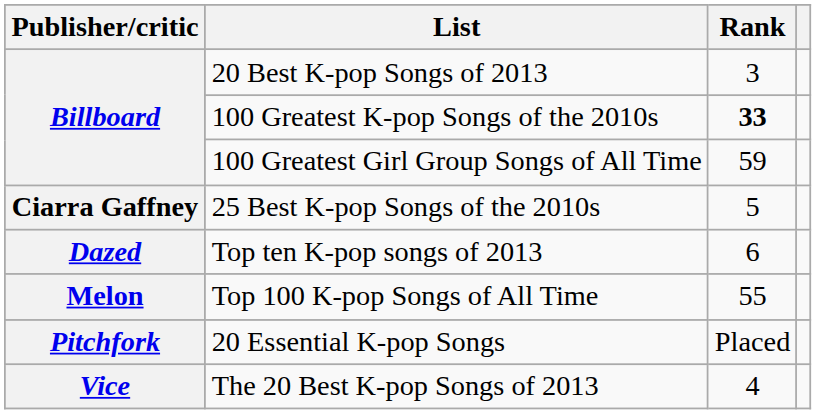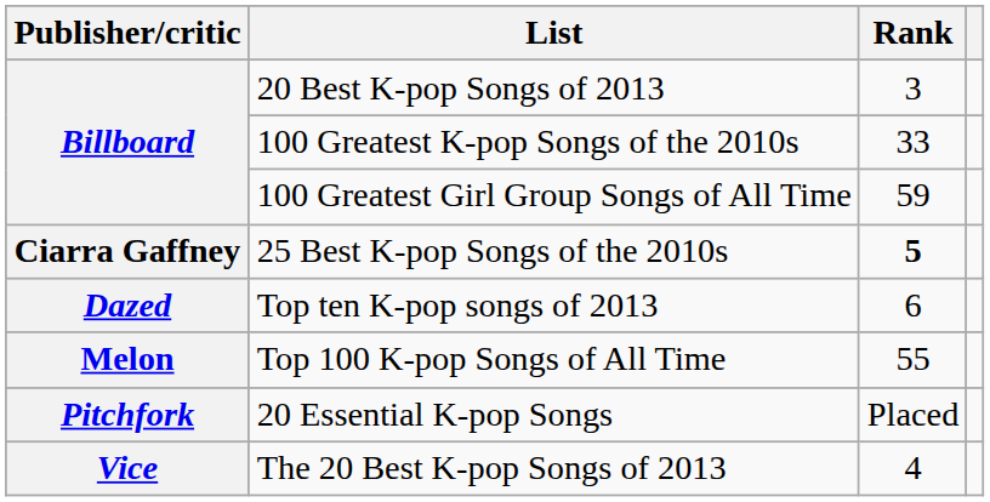 <table class="wikitable plainrowheaders sortable">
 <tr>
 <th>Publisher/critic</th>
 <th>List</th>
 <th>Rank</th>
 <th class="unsortable"></th>
 </tr>
 <tr>
 <th scope="row" rowspan="3"><em><a href='#'>Billboard</a></em></th>
 <td>20 Best K-pop Songs of 2013</td>
 <td style="text-align:center">3</td>
 <td style="text-align:center"></td>
 </tr>
 <tr>
 <td>100 Greatest K-pop Songs of the 2010s</td>
-<td style="text-align:center"><strong>33</strong></td>
+<td style="text-align:center">33</td>
 <td style="text-align:center"></td>
 </tr>
 <tr>
 <td>100 Greatest Girl Group Songs of All Time</td>
 <td style="text-align:center">59</td>
 <td style="text-align:center"></td>
 </tr>
 <tr>
 <th scope="row">Ciarra Gaffney</th>
 <td>25 Best K-pop Songs of the 2010s</td>
-<td style="text-align:center">5</td>
+<td style="text-align:center"><strong>5</strong></td>
 <td style="text-align:center"></td>
 </tr>
 <tr>
 <th scope="row"><em><a href='#'>Dazed</a></em></th>
 <td>Top ten K-pop songs of 2013</td>
 <td style="text-align:center">6</td>
 <td style="text-align:center"></td>
 </tr>
 <tr>
 <th scope="row"><a href='#'>Melon</a></th>
 <td>Top 100 K-pop Songs of All Time</td>
 <td style="text-align:center">55</td>
 <td style="text-align:center"></td>
 </tr>
 <tr>
 <th scope="row"><em><a href='#'>Pitchfork</a></em></th>
 <td>20 Essential K-pop Songs</td>
 <td style="text-align:center">Placed</td>
 <td style="text-align:center"></td>
 </tr>
 <tr>
 <th scope="row"><em><a href='#'>Vice</a></em></th>
 <td>The 20 Best K-pop Songs of 2013</td>
 <td style="text-align:center">4</td>
 <td style="text-align:center"></td>
 </tr>
 </table>
